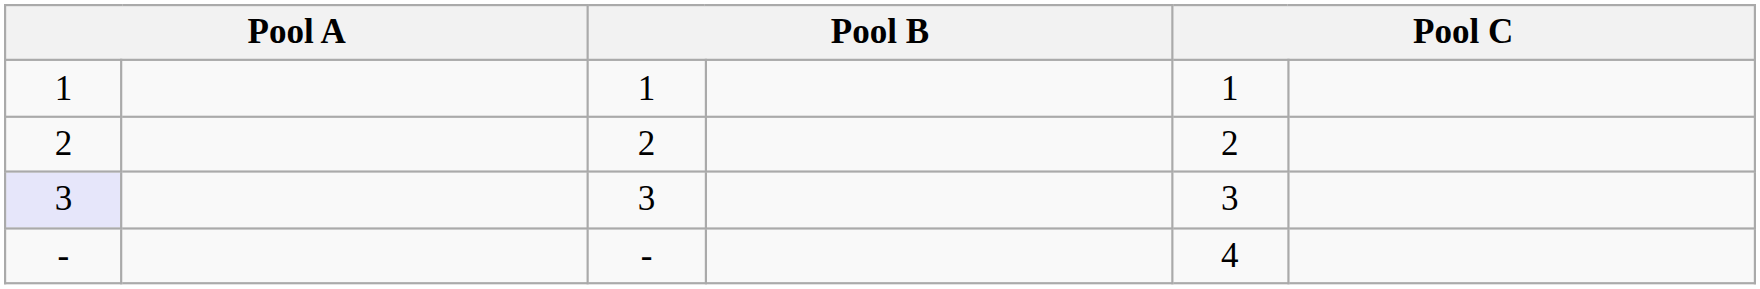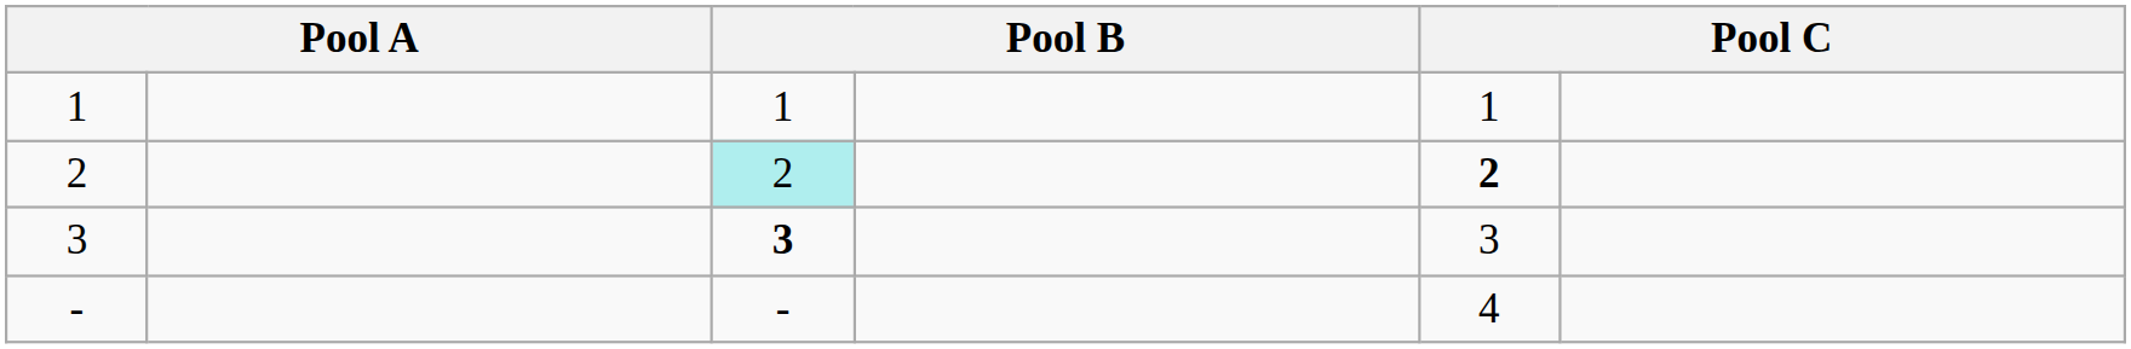 <table class="wikitable" width=800>
 <tr>
 <th colspan=2  width=25%>Pool A</th>
 <th colspan=2  width=25%>Pool B</th>
 <th colspan=2  width=25%>Pool C</th>
 </tr>
 <tr>
 <td style="text-align:center;" width=5%>1</td>
 <td></td>
 <td style="text-align:center;" width=5%>1</td>
 <td></td>
 <td style="text-align:center;" width=5%>1</td>
 <td></td>
 </tr>
 <tr>
 <td style="text-align:center;" width=5%>2</td>
 <td></td>
-<td style="text-align:center;" width=5%>2</td>
+<td style="background: paleturquoise; text-align:center;" width=5%>2</td>
 <td></td>
-<td style="text-align:center;" width=5%>2</td>
+<td style="text-align:center;" width=5%><strong>2</strong></td>
 <td></td>
 </tr>
 <tr>
-<td style="background: lavender; text-align:center;" width=5%>3</td>
+<td style="text-align:center;" width=5%>3</td>
 <td></td>
-<td style="text-align:center;" width=5%>3</td>
+<td style="text-align:center;" width=5%><strong>3</strong></td>
 <td></td>
 <td style="text-align:center;" width=5%>3</td>
 <td></td>
 </tr>
 <tr>
 <td style="text-align:center;" width=5%>-</td>
 <td></td>
 <td style="text-align:center;" width=5%>-</td>
 <td></td>
 <td style="text-align:center;" width=5%>4</td>
 <td></td>
 </tr>
 </table>
